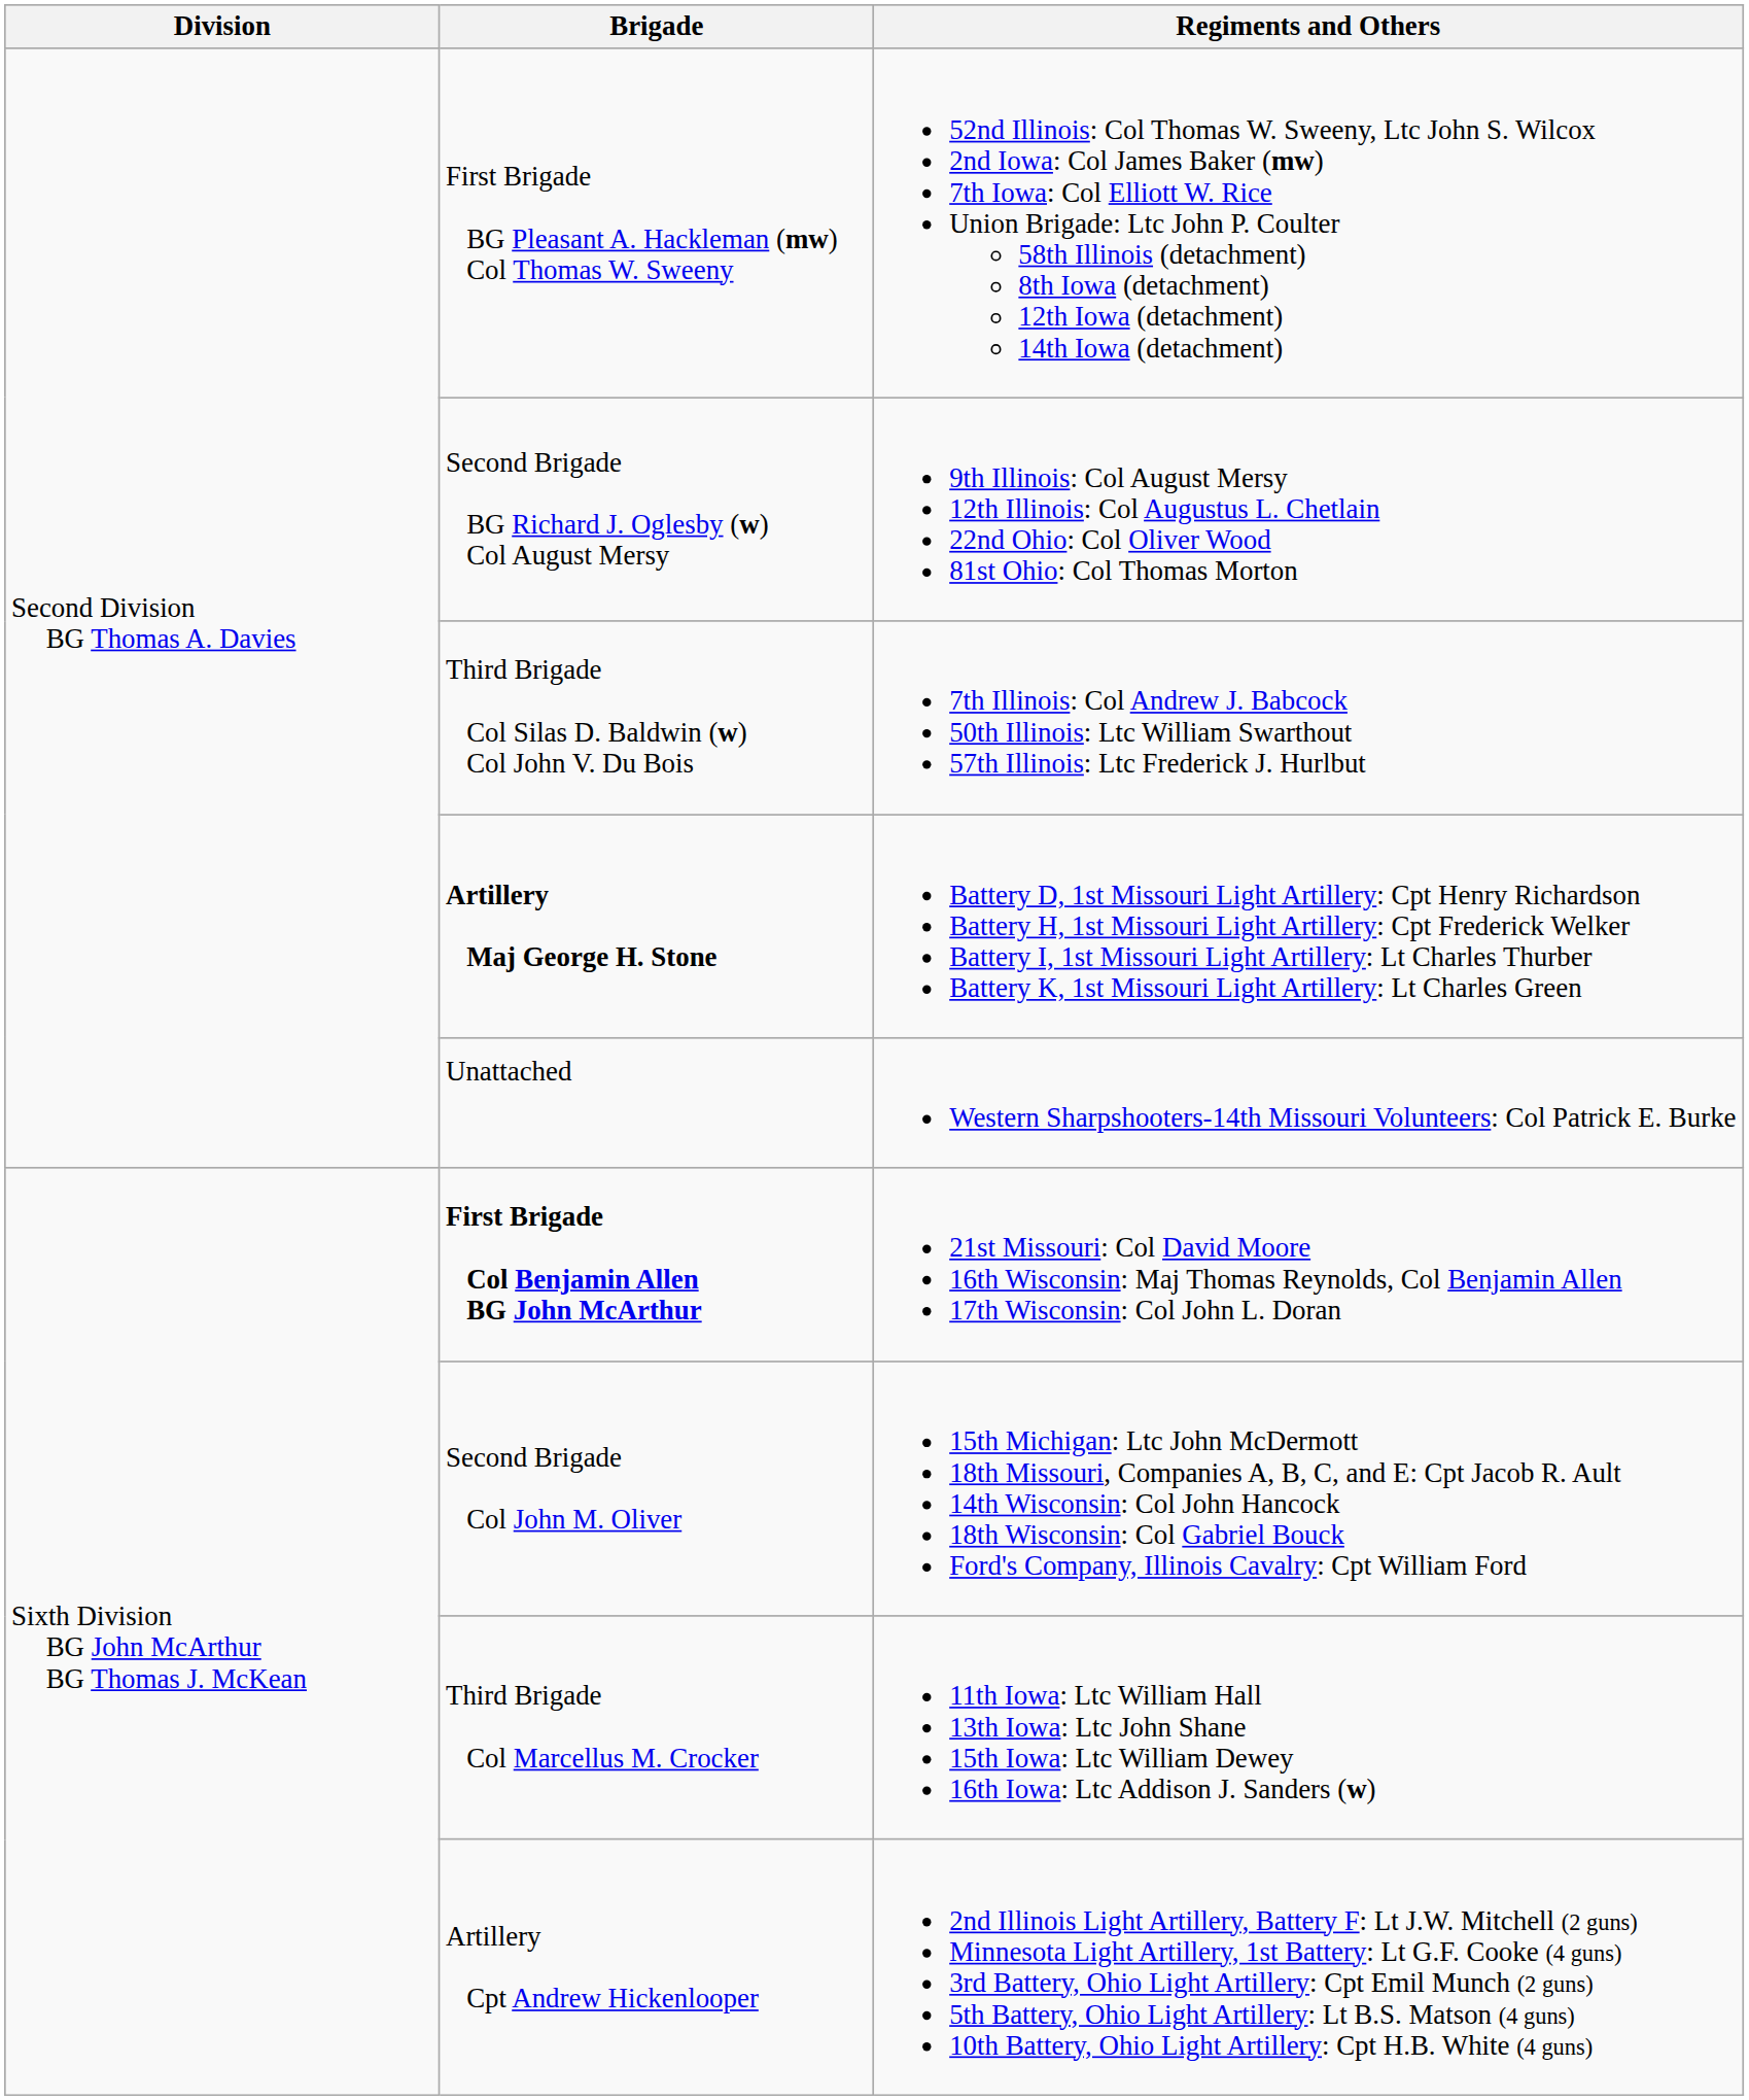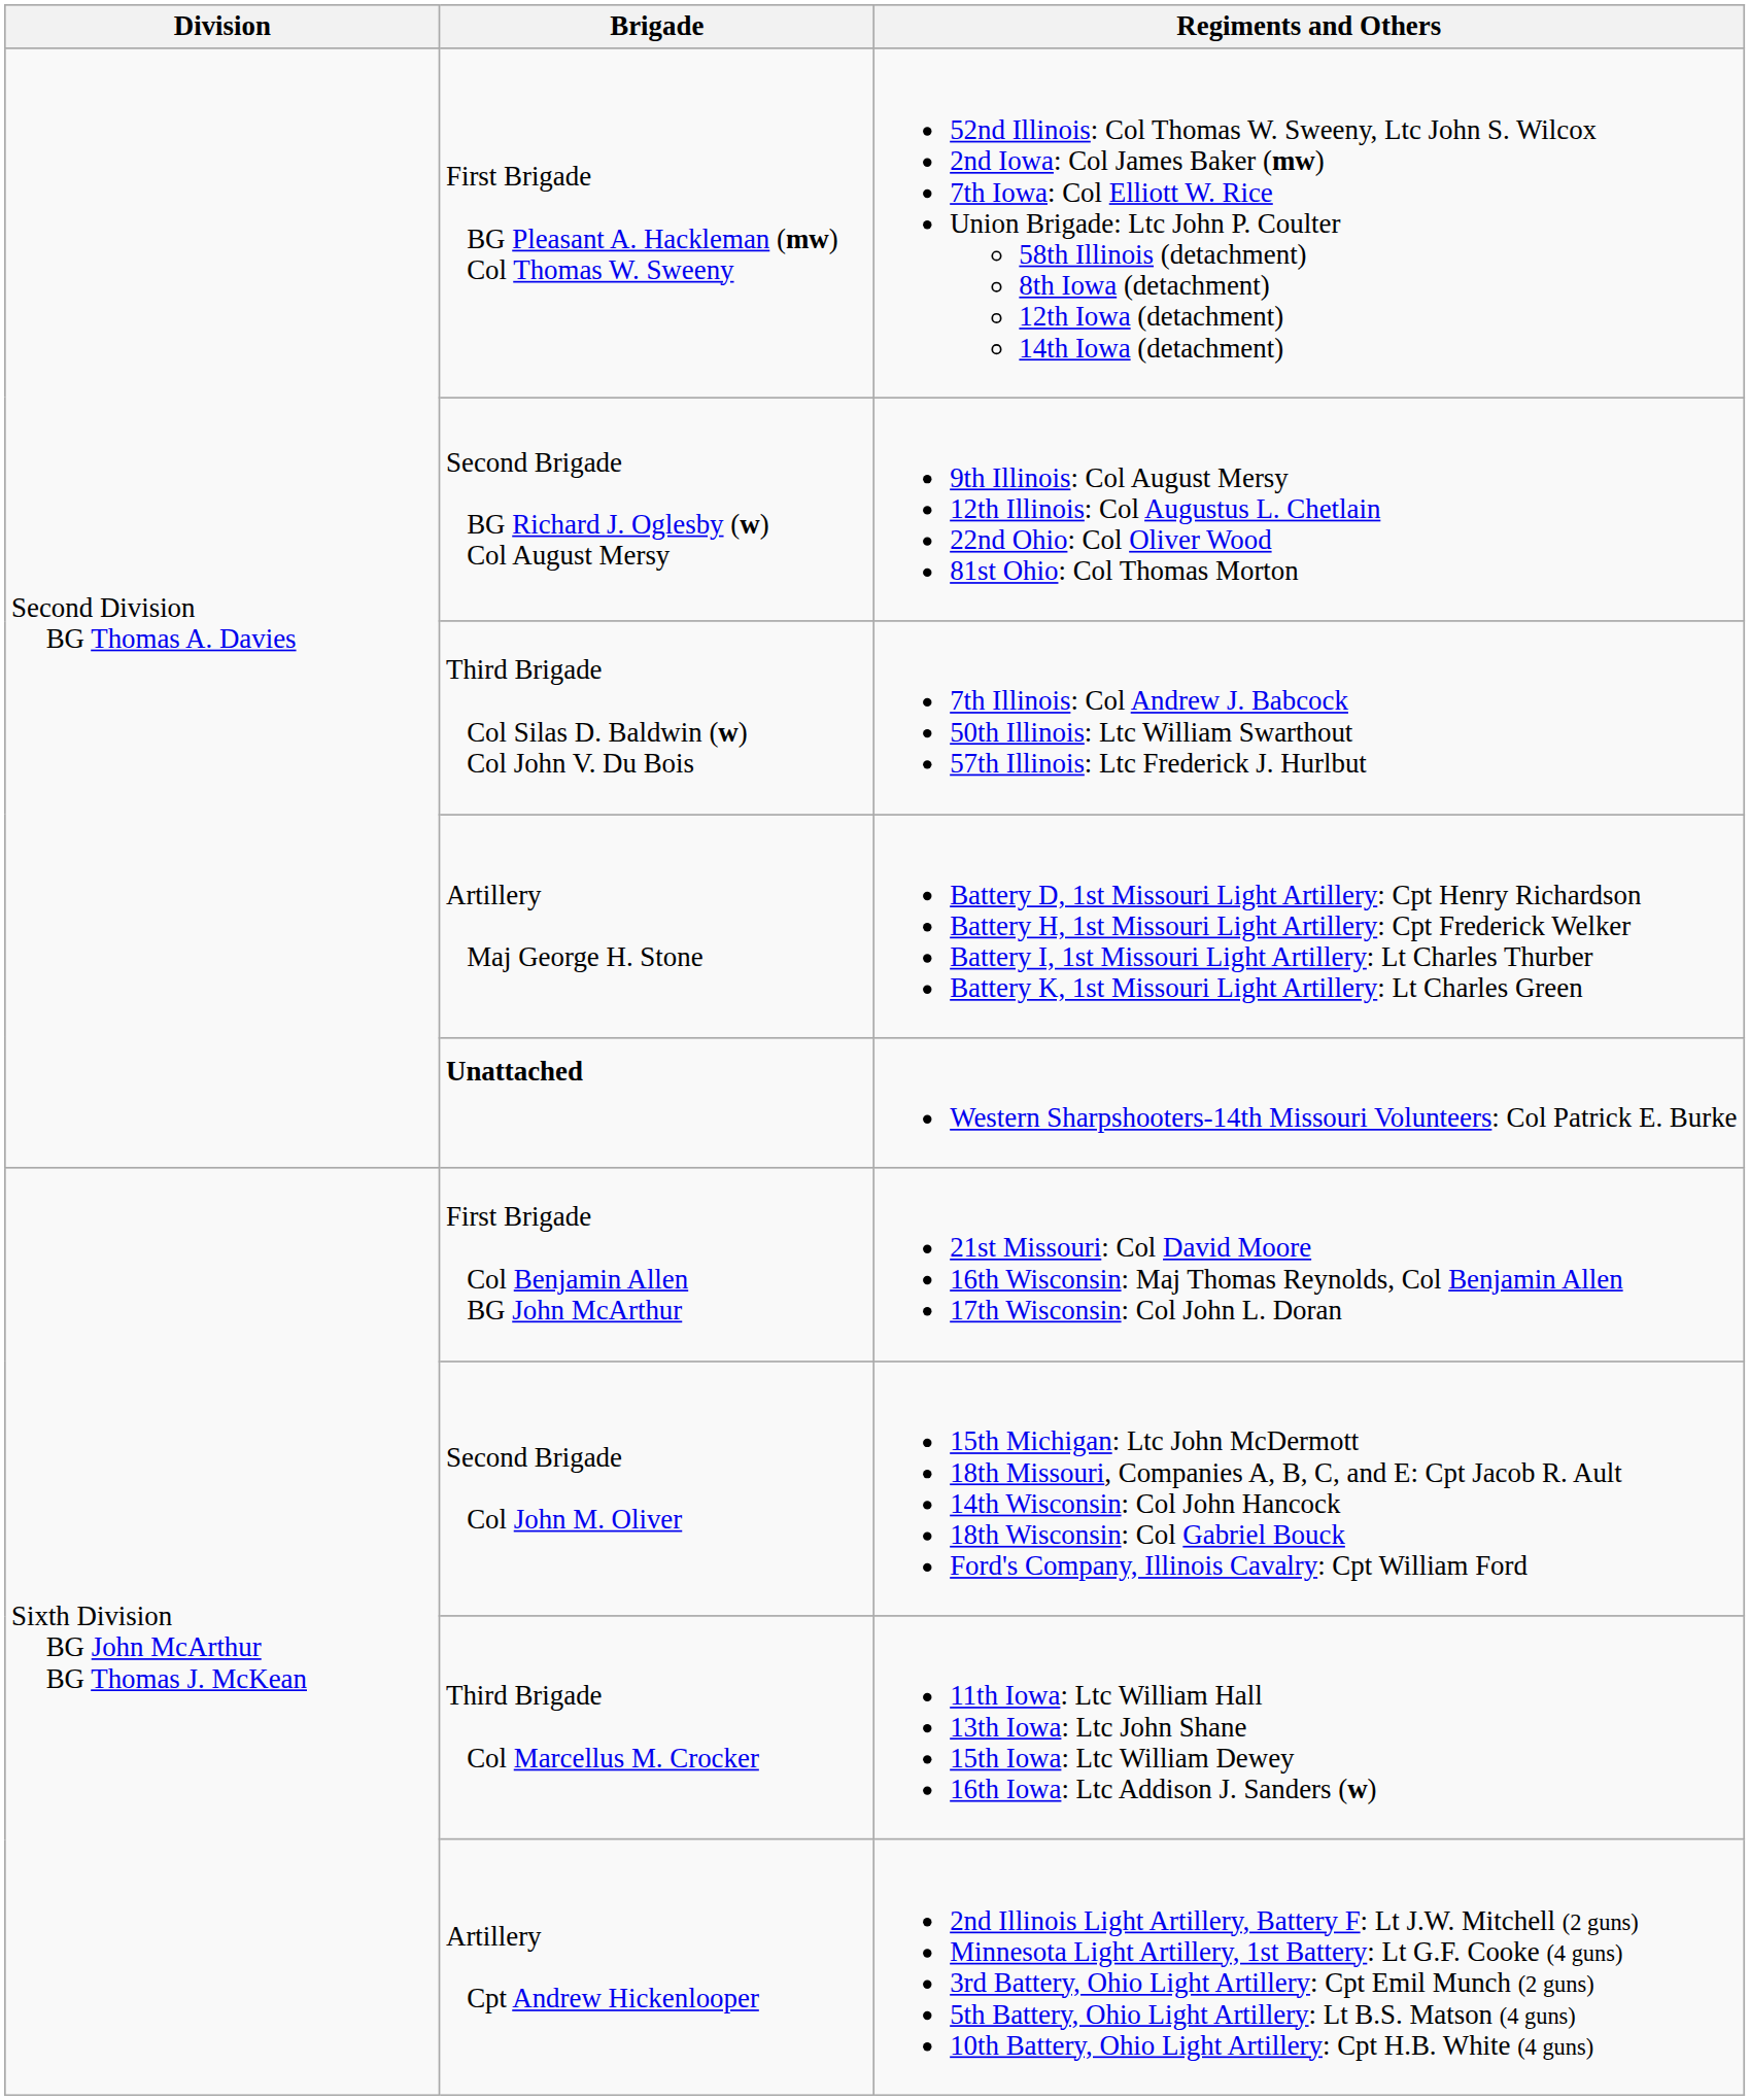 <table class="wikitable">
 <tr>
 <th width=25%>Division</th>
 <th width=25%>Brigade</th>
 <th>Regiments and Others</th>
 </tr>
 <tr>
 <td rowspan=5><br>Second Division <br>     BG <a href='#'>Thomas A. Davies</a></td>
 <td>First Brigade<br><br>   BG <a href='#'>Pleasant A. Hackleman</a> (<strong>mw</strong>) <br>   Col <a href='#'>Thomas W. Sweeny</a> <br></td>
 <td><br><ul><li><a href='#'>52nd Illinois</a>: Col Thomas W. Sweeny, Ltc John S. Wilcox</li><li><a href='#'>2nd Iowa</a>: Col James Baker (<strong>mw</strong>)</li><li><a href='#'>7th Iowa</a>: Col <a href='#'>Elliott W. Rice</a></li><li>Union Brigade: Ltc John P. Coulter<ul><li><a href='#'>58th Illinois</a> (detachment)</li><li><a href='#'>8th Iowa</a> (detachment)</li><li><a href='#'>12th Iowa</a> (detachment)</li><li><a href='#'>14th Iowa</a> (detachment)</li></ul></li></ul></td>
 </tr>
 <tr>
 <td>Second Brigade<br><br>   BG <a href='#'>Richard J. Oglesby</a> (<strong>w</strong>) <br>   Col August Mersy</td>
 <td><br><ul><li><a href='#'>9th Illinois</a>: Col August Mersy</li><li><a href='#'>12th Illinois</a>: Col <a href='#'>Augustus L. Chetlain</a></li><li><a href='#'>22nd Ohio</a>: Col <a href='#'>Oliver Wood</a></li><li><a href='#'>81st Ohio</a>: Col Thomas Morton</li></ul></td>
 </tr>
 <tr>
 <td>Third Brigade<br><br>   Col Silas D. Baldwin (<strong>w</strong>) <br>   Col John V. Du Bois</td>
 <td><br><ul><li><a href='#'>7th Illinois</a>: Col <a href='#'>Andrew J. Babcock</a></li><li><a href='#'>50th Illinois</a>: Ltc William Swarthout</li><li><a href='#'>57th Illinois</a>: Ltc Frederick J. Hurlbut</li></ul></td>
 </tr>
 <tr>
-<td><strong>Artillery<br><br>   Maj George H. Stone <br></strong></td>
+<td>Artillery<br><br>   Maj George H. Stone <br></td>
 <td><br><ul><li><a href='#'>Battery D, 1st Missouri Light Artillery</a>: Cpt Henry Richardson</li><li><a href='#'>Battery H, 1st Missouri Light Artillery</a>: Cpt Frederick Welker</li><li><a href='#'>Battery I, 1st Missouri Light Artillery</a>: Lt Charles Thurber</li><li><a href='#'>Battery K, 1st Missouri Light Artillery</a>: Lt Charles Green</li></ul></td>
 </tr>
 <tr>
-<td>Unattached<br><br>  </td>
+<td><strong>Unattached<br><br>  </strong></td>
 <td><br><ul><li><a href='#'>Western Sharpshooters-14th Missouri Volunteers</a>: Col Patrick E. Burke</li></ul></td>
 </tr>
 <tr>
 <td rowspan=4><br>Sixth Division <br>     BG <a href='#'>John McArthur</a><br>      BG <a href='#'>Thomas J. McKean</a></td>
-<td><strong>First Brigade<br><br>   Col <a href='#'>Benjamin Allen</a> <br>   BG <a href='#'>John McArthur</a></strong></td>
+<td>First Brigade<br><br>   Col <a href='#'>Benjamin Allen</a> <br>   BG <a href='#'>John McArthur</a></td>
 <td><br><ul><li><a href='#'>21st Missouri</a>: Col <a href='#'>David Moore</a></li><li><a href='#'>16th Wisconsin</a>: Maj Thomas Reynolds, Col <a href='#'>Benjamin Allen</a></li><li><a href='#'>17th Wisconsin</a>: Col John L. Doran</li></ul></td>
 </tr>
 <tr>
 <td>Second Brigade<br><br>   Col <a href='#'>John M. Oliver</a></td>
 <td><br><ul><li><a href='#'>15th Michigan</a>: Ltc John McDermott</li><li><a href='#'>18th Missouri</a>, Companies A, B, C, and E: Cpt Jacob R. Ault</li><li><a href='#'>14th Wisconsin</a>: Col John Hancock</li><li><a href='#'>18th Wisconsin</a>: Col <a href='#'>Gabriel Bouck</a></li><li><a href='#'>Ford's Company, Illinois Cavalry</a>: Cpt William Ford</li></ul></td>
 </tr>
 <tr>
 <td>Third Brigade<br><br>   Col <a href='#'>Marcellus M. Crocker</a></td>
 <td><br><ul><li><a href='#'>11th Iowa</a>: Ltc William Hall</li><li><a href='#'>13th Iowa</a>: Ltc John Shane</li><li><a href='#'>15th Iowa</a>: Ltc William Dewey</li><li><a href='#'>16th Iowa</a>: Ltc Addison J. Sanders (<strong>w</strong>)</li></ul></td>
 </tr>
 <tr>
 <td>Artillery<br><br>   Cpt <a href='#'>Andrew Hickenlooper</a></td>
 <td><br><ul><li><a href='#'>2nd Illinois Light Artillery, Battery F</a>: Lt J.W. Mitchell <small>(2 guns)</small></li><li><a href='#'>Minnesota Light Artillery, 1st Battery</a>: Lt G.F. Cooke <small>(4 guns)</small></li><li><a href='#'>3rd Battery, Ohio Light Artillery</a>: Cpt Emil Munch <small>(2 guns)</small></li><li><a href='#'>5th Battery, Ohio Light Artillery</a>: Lt B.S. Matson <small>(4 guns)</small></li><li><a href='#'>10th Battery, Ohio Light Artillery</a>: Cpt H.B. White <small>(4 guns)</small></li></ul></td>
 </tr>
 </table>
